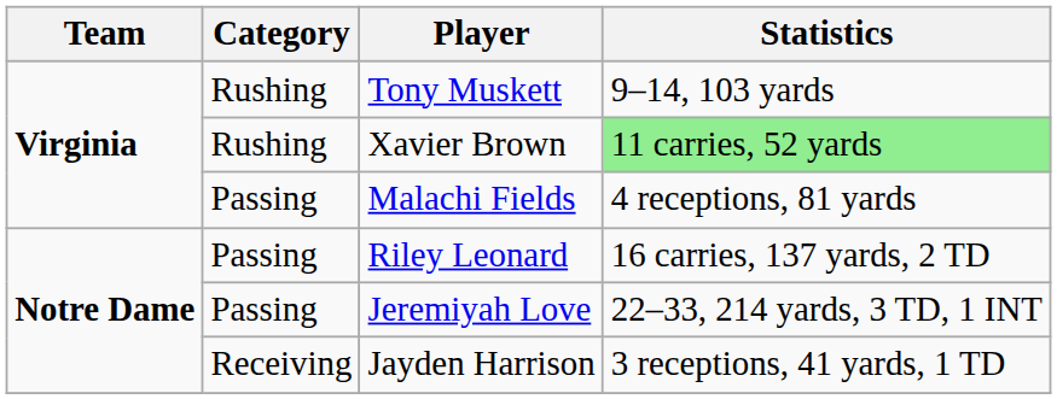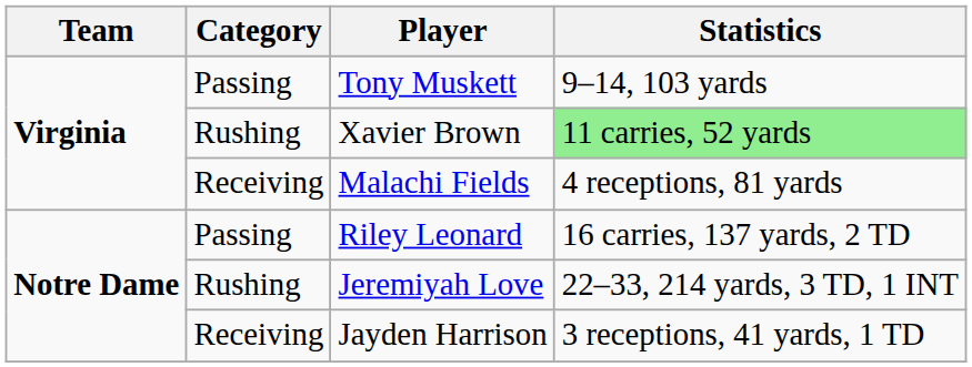 <table class="wikitable" style="float: right;">
 <tr>
 <th>Team</th>
 <th>Category</th>
 <th>Player</th>
 <th>Statistics</th>
 </tr>
 <tr>
 <td rowspan=3><strong>Virginia</strong></td>
-<td>Rushing</td>
+<td>Passing</td>
 <td><a href='#'>Tony Muskett</a></td>
 <td>9–14, 103 yards</td>
 </tr>
 <tr>
 <td>Rushing</td>
 <td>Xavier Brown</td>
 <td style="background: lightgreen;">11 carries, 52 yards</td>
 </tr>
 <tr>
-<td>Passing</td>
+<td>Receiving</td>
 <td><a href='#'>Malachi Fields</a></td>
 <td>4 receptions, 81 yards</td>
 </tr>
 <tr>
 <td rowspan=3><strong>Notre Dame</strong></td>
 <td>Passing</td>
 <td><a href='#'>Riley Leonard</a></td>
 <td>16 carries, 137 yards, 2 TD</td>
 </tr>
 <tr>
-<td>Passing</td>
+<td>Rushing</td>
 <td><a href='#'>Jeremiyah Love</a></td>
 <td>22–33, 214 yards, 3 TD, 1 INT</td>
 </tr>
 <tr>
 <td>Receiving</td>
 <td>Jayden Harrison</td>
 <td>3 receptions, 41 yards, 1 TD</td>
 </tr>
 </table>
